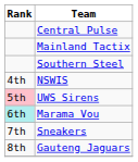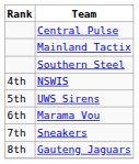 <table class="wikitable collapsible">
 <tr>
 <th style="background:white;">Rank</th>
 <th style="background:white;">Team</th>
 </tr>
 <tr>
 <td></td>
 <td> <a href='#'>Central Pulse</a></td>
 </tr>
 <tr>
 <td></td>
 <td> <a href='#'>Mainland Tactix</a></td>
 </tr>
 <tr>
 <td></td>
 <td> <a href='#'>Southern Steel</a></td>
 </tr>
 <tr>
 <td>4th</td>
 <td> <a href='#'>NSWIS</a></td>
 </tr>
 <tr>
-<td style="background: pink;">5th</td>
+<td>5th</td>
 <td> <a href='#'>UWS Sirens</a></td>
 </tr>
 <tr>
-<td style="background: paleturquoise;">6th</td>
+<td>6th</td>
 <td> <a href='#'>Marama Vou</a></td>
 </tr>
 <tr>
 <td>7th</td>
 <td> <a href='#'>Sneakers</a></td>
 </tr>
 <tr>
 <td>8th</td>
 <td> <a href='#'>Gauteng Jaguars</a></td>
 </tr>
 <tr>
 </tr>
 </table>
